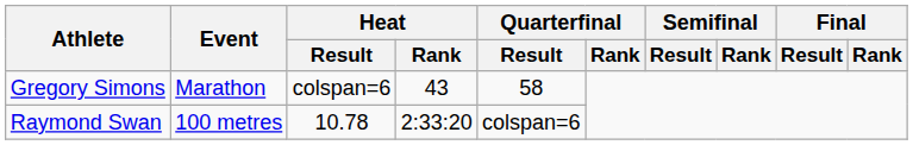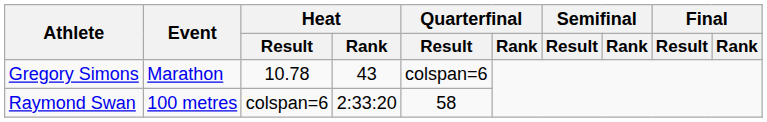 <table class=wikitable style=font-size:90%>
 <tr>
 <th rowspan=2>Athlete</th>
 <th rowspan=2>Event</th>
 <th colspan=2>Heat</th>
 <th colspan=2>Quarterfinal</th>
 <th colspan=2>Semifinal</th>
 <th colspan=2>Final</th>
 </tr>
 <tr style=font-size:95%>
 <th>Result</th>
 <th>Rank</th>
 <th>Result</th>
 <th>Rank</th>
 <th>Result</th>
 <th>Rank</th>
 <th>Result</th>
 <th>Rank</th>
 </tr>
 <tr align=center>
 <td align=left><a href='#'>Gregory Simons</a></td>
 <td align=left><a href='#'>Marathon</a></td>
+<td>10.78</td>
+<td>43</td>
 <td>colspan=6 </td>
-<td>43</td>
-<td>58</td>
 </tr>
 <tr align=center>
 <td align=left><a href='#'>Raymond Swan</a></td>
 <td align=left><a href='#'>100 metres</a></td>
-<td>10.78</td>
+<td>colspan=6 </td>
 <td>2:33:20</td>
-<td>colspan=6 </td>
+<td>58</td>
 </tr>
 </table>
